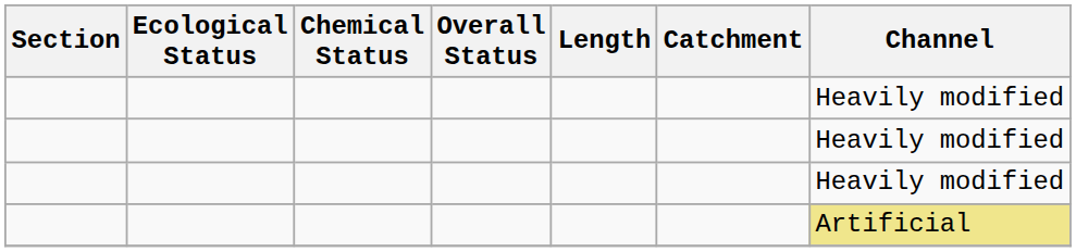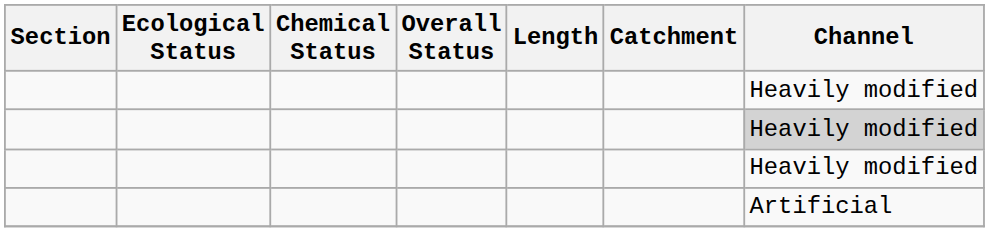 <table class="wikitable">
 <tr>
 <th>Section</th>
 <th>Ecological<br>Status</th>
 <th>Chemical<br>Status</th>
 <th>Overall<br>Status</th>
 <th>Length</th>
 <th>Catchment</th>
 <th>Channel</th>
 </tr>
 <tr>
 <td></td>
 <td></td>
 <td></td>
 <td></td>
 <td></td>
 <td></td>
 <td>Heavily modified</td>
 </tr>
 <tr>
 <td></td>
 <td></td>
 <td></td>
 <td></td>
 <td></td>
 <td></td>
-<td>Heavily modified</td>
+<td style="background: lightgrey;">Heavily modified</td>
 </tr>
 <tr>
 <td></td>
 <td></td>
 <td></td>
 <td></td>
 <td></td>
 <td></td>
 <td>Heavily modified</td>
 </tr>
 <tr>
 <td></td>
 <td></td>
 <td></td>
 <td></td>
 <td></td>
 <td></td>
-<td style="background: khaki;">Artificial</td>
+<td>Artificial</td>
 </tr>
 <tr>
 </tr>
 </table>
